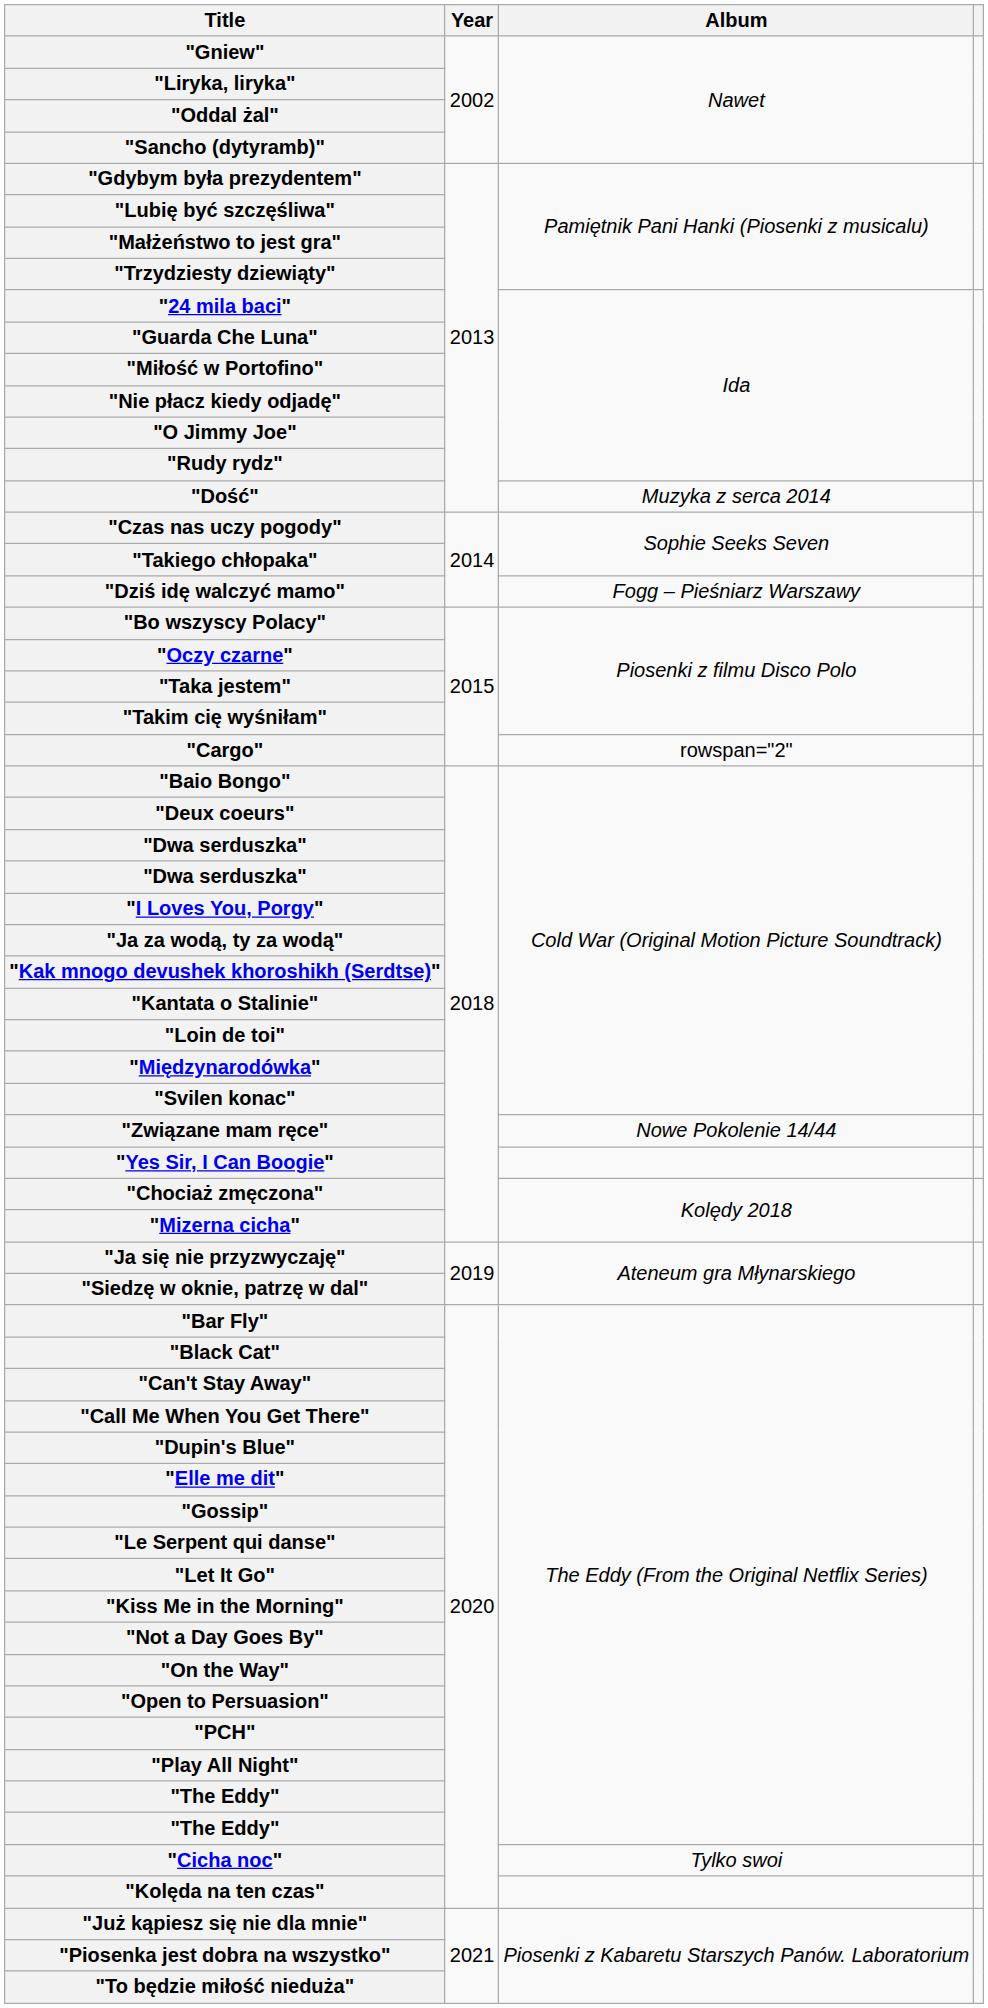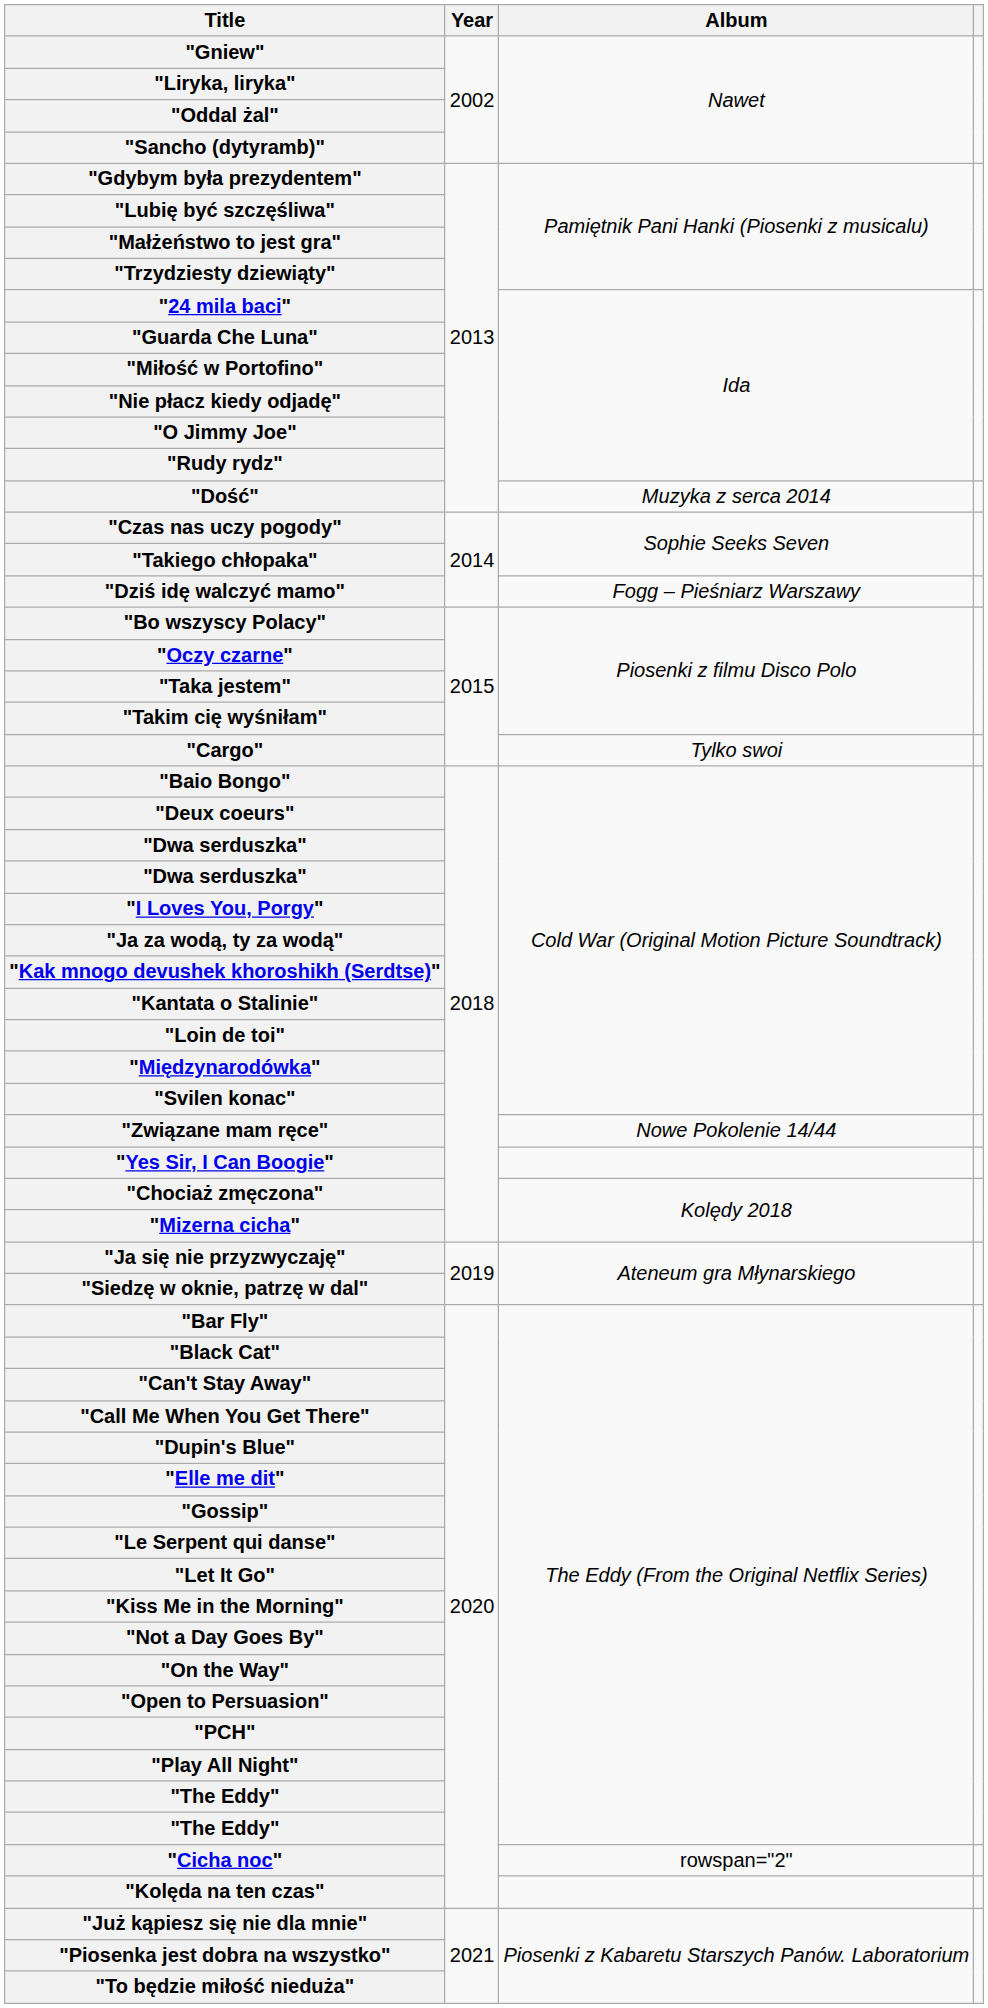 <table class="wikitable sortable plainrowheaders" style="text-align:center;">
 <tr>
 <th scope="col">Title</th>
 <th scope="col">Year</th>
 <th scope="col">Album</th>
 <th scope="col" class="unsortable"></th>
 </tr>
 <tr>
 <th scope="row">"Gniew"<br></th>
 <td rowspan="4">2002</td>
 <td rowspan="4"><em>Nawet</em></td>
 <td rowspan="4"></td>
 </tr>
 <tr>
 <th scope="row">"Liryka, liryka"<br></th>
 </tr>
 <tr>
 <th scope="row">"Oddal żal"<br></th>
 </tr>
 <tr>
 <th scope="row">"Sancho (dytyramb)"<br></th>
 </tr>
 <tr>
 <th scope="row">"Gdybym była prezydentem"</th>
 <td rowspan="11">2013</td>
 <td rowspan="4"><em>Pamiętnik Pani Hanki (Piosenki z musicalu)</em></td>
 <td rowspan="4"></td>
 </tr>
 <tr>
 <th scope="row">"Lubię być szczęśliwa"</th>
 </tr>
 <tr>
 <th scope="row">"Małżeństwo to jest gra"</th>
 </tr>
 <tr>
 <th scope="row">"Trzydziesty dziewiąty"<br></th>
 </tr>
 <tr>
 <th scope="row">"<a href='#'>24 mila baci</a>"</th>
 <td rowspan="6"><em>Ida</em></td>
 <td rowspan="6"></td>
 </tr>
 <tr>
 <th scope="row">"Guarda Che Luna"</th>
 </tr>
 <tr>
 <th scope="row">"Miłość w Portofino"</th>
 </tr>
 <tr>
 <th scope="row">"Nie płacz kiedy odjadę"</th>
 </tr>
 <tr>
 <th scope="row">"O Jimmy Joe"</th>
 </tr>
 <tr>
 <th scope="row">"Rudy rydz"</th>
 </tr>
 <tr>
 <th scope="row">"Dość"<br></th>
 <td><em>Muzyka z serca 2014</em></td>
 <td></td>
 </tr>
 <tr>
 <th scope="row">"Czas nas uczy pogody"</th>
 <td rowspan="3">2014</td>
 <td rowspan="2"><em>Sophie Seeks Seven</em></td>
 <td rowspan="2"></td>
 </tr>
 <tr>
 <th scope="row">"Takiego chłopaka"</th>
 </tr>
 <tr>
 <th scope="row">"Dziś idę walczyć mamo"<br></th>
 <td><em>Fogg – Pieśniarz Warszawy</em></td>
 <td></td>
 </tr>
 <tr>
 <th scope="row">"Bo wszyscy Polacy"<br></th>
 <td rowspan="5">2015</td>
 <td rowspan="4"><em>Piosenki z filmu Disco Polo</em></td>
 <td rowspan="4"></td>
 </tr>
 <tr>
 <th scope="row">"<a href='#'>Oczy czarne</a>"</th>
 </tr>
 <tr>
 <th scope="row">"Taka jestem"</th>
 </tr>
 <tr>
 <th scope="row">"Takim cię wyśniłam"</th>
 </tr>
 <tr>
 <th scope="row">"Cargo"<br></th>
-<td>rowspan="2" </td>
+<td><em>Tylko swoi</em></td>
 <td></td>
 </tr>
 <tr>
 <th scope="row">"Baio Bongo"</th>
 <td rowspan="15">2018</td>
 <td rowspan="11"><em>Cold War (Original Motion Picture Soundtrack)</em></td>
 <td rowspan="11"></td>
 </tr>
 <tr>
 <th scope="row">"Deux coeurs"</th>
 </tr>
 <tr>
 <th scope="row">"Dwa serduszka"</th>
 </tr>
 <tr>
 <th scope="row">"Dwa serduszka" </th>
 </tr>
 <tr>
 <th scope="row">"<a href='#'>I Loves You, Porgy</a>"</th>
 </tr>
 <tr>
 <th scope="row">"Ja za wodą, ty za wodą"</th>
 </tr>
 <tr>
 <th scope="row">"<a href='#'>Kak mnogo devushek khoroshikh (Serdtse)</a>"</th>
 </tr>
 <tr>
 <th scope="row">"Kantata o Stalinie"</th>
 </tr>
 <tr>
 <th scope="row">"Loin de toi"</th>
 </tr>
 <tr>
 <th scope="row">"<a href='#'>Międzynarodówka</a>"</th>
 </tr>
 <tr>
 <th scope="row">"Svilen konac"</th>
 </tr>
 <tr>
 <th scope="row">"Związane mam ręce"<br></th>
 <td><em>Nowe Pokolenie 14/44</em></td>
 <td></td>
 </tr>
 <tr>
 <th scope="row">"<a href='#'>Yes Sir, I Can Boogie</a>"</th>
 <td></td>
 <td></td>
 </tr>
 <tr>
 <th scope="row">"Chociaż zmęczona"</th>
 <td rowspan="2"><em>Kolędy 2018</em></td>
 <td rowspan="2"></td>
 </tr>
 <tr>
 <th scope="row">"<a href='#'>Mizerna cicha</a>"<br></th>
 </tr>
 <tr>
 <th scope="row">"Ja się nie przyzwyczaję"<br></th>
 <td rowspan="2">2019</td>
 <td rowspan="2"><em>Ateneum gra Młynarskiego</em></td>
 <td rowspan="2"></td>
 </tr>
 <tr>
 <th scope="row">"Siedzę w oknie, patrzę w dal"</th>
 </tr>
 <tr>
 <th scope="row">"Bar Fly"<br></th>
 <td rowspan="19">2020</td>
 <td rowspan="17"><em>The Eddy (From the Original Netflix Series)</em></td>
 <td rowspan="17"></td>
 </tr>
 <tr>
 <th scope="row">"Black Cat"<br></th>
 </tr>
 <tr>
 <th scope="row">"Can't Stay Away"<br></th>
 </tr>
 <tr>
 <th scope="row">"Call Me When You Get There"<br></th>
 </tr>
 <tr>
 <th scope="row">"Dupin's Blue"<br></th>
 </tr>
 <tr>
 <th scope="row">"<a href='#'>Elle me dit</a>"<br></th>
 </tr>
 <tr>
 <th scope="row">"Gossip"<br></th>
 </tr>
 <tr>
 <th scope="row">"Le Serpent qui danse"<br></th>
 </tr>
 <tr>
 <th scope="row">"Let It Go"<br></th>
 </tr>
 <tr>
 <th scope="row">"Kiss Me in the Morning"<br></th>
 </tr>
 <tr>
 <th scope="row">"Not a Day Goes By"<br></th>
 </tr>
 <tr>
 <th scope="row">"On the Way"<br></th>
 </tr>
 <tr>
 <th scope="row">"Open to Persuasion"<br></th>
 </tr>
 <tr>
 <th scope="row">"PCH"<br></th>
 </tr>
 <tr>
 <th scope="row">"Play All Night"<br></th>
 </tr>
 <tr>
 <th scope="row">"The Eddy"<br></th>
 </tr>
 <tr>
 <th scope="row">"The Eddy"<br></th>
 </tr>
 <tr>
 <th scope="row">"<a href='#'>Cicha noc</a>"<br></th>
-<td><em>Tylko swoi</em></td>
+<td>rowspan="2" </td>
 <td></td>
 </tr>
 <tr>
 <th scope="row">"Kolęda na ten czas"<br></th>
 <td></td>
 </tr>
 <tr>
 <th scope="row">"Już kąpiesz się nie dla mnie"<br></th>
 <td rowspan="3">2021</td>
 <td rowspan="3"><em>Piosenki z Kabaretu Starszych Panów. Laboratorium</em></td>
 <td rowspan="3"></td>
 </tr>
 <tr>
 <th scope="row">"Piosenka jest dobra na wszystko"<br></th>
 </tr>
 <tr>
 <th scope="row">"To będzie miłość nieduża"<br></th>
 </tr>
 </table>
